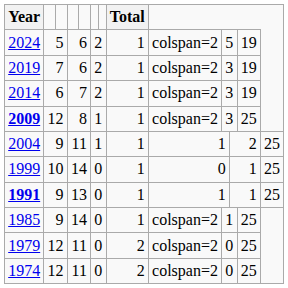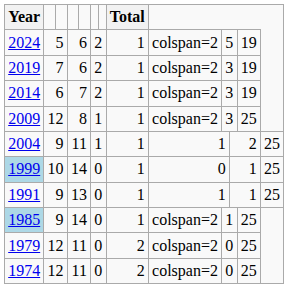 <table class="wikitable" style="text-align:right; padding-left:1em">
 <tr>
 <th align="left">Year</th>
 <td></td>
 <td></td>
 <td></td>
 <td></td>
 <td></td>
 <td></td>
 <th align="left">Total</th>
 </tr>
 <tr>
 <td align=left><a href='#'>2024</a></td>
 <td colspan=2>5</td>
 <td colspan=2>6</td>
 <td colspan=2>2</td>
 <td colspan=2>1</td>
 <td>colspan=2 </td>
 <td colspan=2>5</td>
 <td>19</td>
 </tr>
 <tr>
 <td align=left><a href='#'>2019</a></td>
 <td colspan=2>7</td>
 <td colspan=2>6</td>
 <td colspan=2>2</td>
 <td colspan=2>1</td>
 <td>colspan=2 </td>
 <td colspan=2>3</td>
 <td>19</td>
 </tr>
 <tr>
 <td align=left><a href='#'>2014</a></td>
 <td colspan=2>6</td>
 <td colspan=2>7</td>
 <td colspan=2>2</td>
 <td colspan=2>1</td>
 <td>colspan=2 </td>
 <td colspan=2>3</td>
 <td>19</td>
 </tr>
 <tr>
-<td align=left><strong><a href='#'>2009</a></strong></td>
+<td align=left><a href='#'>2009</a></td>
 <td colspan=2>12</td>
 <td colspan=2>8</td>
 <td colspan=2>1</td>
 <td colspan=2>1</td>
 <td>colspan=2 </td>
 <td colspan=2>3</td>
 <td>25</td>
 </tr>
 <tr>
 <td align=left><a href='#'>2004</a></td>
 <td colspan=2>9</td>
 <td colspan=2>11</td>
 <td colspan=2>1</td>
 <td colspan=2>1</td>
 <td colspan=2>1</td>
 <td colspan=2>2</td>
 <td>25</td>
 </tr>
 <tr>
-<td align=left><a href='#'>1999</a></td>
+<td align=left style="background: lightblue;"><a href='#'>1999</a></td>
 <td colspan=2>10</td>
 <td colspan=2>14</td>
 <td colspan=2>0</td>
 <td colspan=2>1</td>
 <td colspan=2>0</td>
 <td colspan=2>1</td>
 <td>25</td>
 </tr>
 <tr>
-<td align=left><strong><a href='#'>1991</a></strong></td>
+<td align=left><a href='#'>1991</a></td>
 <td colspan=2>9</td>
 <td colspan=2>13</td>
 <td colspan=2>0</td>
 <td colspan=2>1</td>
 <td colspan=2>1</td>
 <td colspan=2>1</td>
 <td>25</td>
 </tr>
 <tr>
-<td align=left><a href='#'>1985</a></td>
+<td align=left style="background: lightblue;"><a href='#'>1985</a></td>
 <td colspan=2>9</td>
 <td colspan=2>14</td>
 <td colspan=2>0</td>
 <td colspan=2>1</td>
 <td>colspan=2 </td>
 <td colspan=2>1</td>
 <td>25</td>
 </tr>
 <tr>
 <td align=left><a href='#'>1979</a></td>
 <td colspan=2>12</td>
 <td colspan=2>11</td>
 <td colspan=2>0</td>
 <td colspan=2>2</td>
 <td>colspan=2 </td>
 <td colspan=2>0</td>
 <td>25</td>
 </tr>
 <tr>
 <td align=left><a href='#'>1974</a></td>
 <td colspan=2>12</td>
 <td colspan=2>11</td>
 <td colspan=2>0</td>
 <td colspan=2>2</td>
 <td>colspan=2 </td>
 <td colspan=2>0</td>
 <td>25</td>
 </tr>
 </table>
